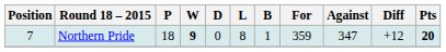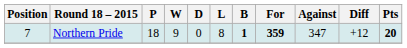 <table class="wikitable" style="text-align:center; font-size:85%;">
 <tr>
 <th width=40 abbr="Position">Position</th>
 <th width=100>Round 18 – 2015</th>
 <th width=20 abbr="Played">P</th>
 <th width=20 abbr="Won">W</th>
 <th width=20 abbr="Drawn">D</th>
 <th width=20 abbr="Lost">L</th>
 <th width=20 abbr="Bye">B</th>
 <th width=40 abbr="Points for">For</th>
 <th width=40 abbr="Points against">Against</th>
 <th width=40 abbr="Points difference">Diff</th>
 <th width=20 abbr="Points">Pts</th>
 </tr>
 <tr style="background: #d7ebed;">
 <td>7</td>
 <td style="text-align:left;"> <a href='#'>Northern Pride</a></td>
 <td>18</td>
-<td><strong>9</strong></td>
+<td>9</td>
 <td>0</td>
 <td>8</td>
-<td>1</td>
-<td>359</td>
+<td><strong>1</strong></td>
+<td><strong>359</strong></td>
 <td>347</td>
 <td>+12</td>
 <td><strong>20</strong></td>
 </tr>
 <tr>
 </tr>
 </table>
